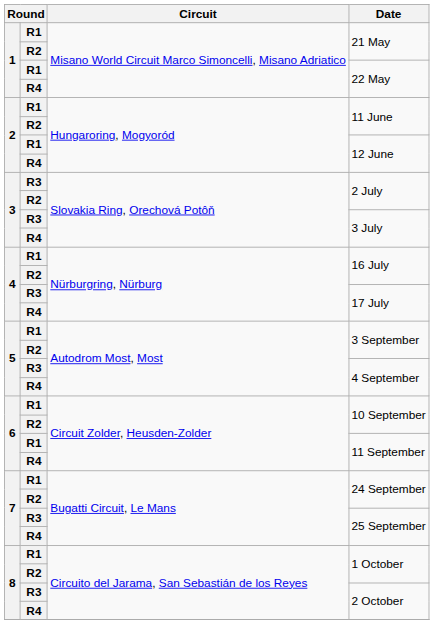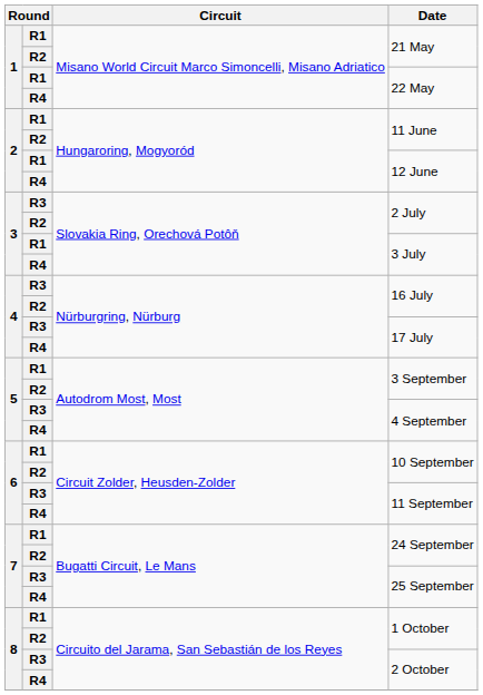 <table class="wikitable" style="font-size: 85%">
 <tr>
 <th colspan=2>Round</th>
 <th>Circuit</th>
 <th>Date</th>
 </tr>
 <tr>
 <th rowspan=4>1</th>
 <th>R1</th>
 <td rowspan=4> <a href='#'>Misano World Circuit Marco Simoncelli</a>, <a href='#'>Misano Adriatico</a></td>
 <td rowspan=2>21 May</td>
 </tr>
 <tr>
 <th>R2</th>
 </tr>
 <tr>
 <th>R1</th>
 <td rowspan=2>22 May</td>
 </tr>
 <tr>
 <th>R4</th>
 </tr>
 <tr>
 <th rowspan=4>2</th>
 <th>R1</th>
 <td rowspan=4> <a href='#'>Hungaroring</a>, <a href='#'>Mogyoród</a></td>
 <td rowspan=2>11 June</td>
 </tr>
 <tr>
 <th>R2</th>
 </tr>
 <tr>
 <th>R1</th>
 <td rowspan=2>12 June</td>
 </tr>
 <tr>
 <th>R4</th>
 </tr>
 <tr>
 <th rowspan=4>3</th>
 <th>R3</th>
 <td rowspan=4> <a href='#'>Slovakia Ring</a>, <a href='#'>Orechová Potôň</a></td>
 <td rowspan=2>2 July</td>
 </tr>
 <tr>
 <th>R2</th>
 </tr>
 <tr>
-<th>R3</th>
+<th>R1</th>
 <td rowspan=2>3 July</td>
 </tr>
 <tr>
 <th>R4</th>
 </tr>
 <tr>
 <th rowspan=4>4</th>
-<th>R1</th>
+<th>R3</th>
 <td rowspan=4> <a href='#'>Nürburgring</a>, <a href='#'>Nürburg</a></td>
 <td rowspan=2>16 July</td>
 </tr>
 <tr>
 <th>R2</th>
 </tr>
 <tr>
 <th>R3</th>
 <td rowspan=2>17 July</td>
 </tr>
 <tr>
 <th>R4</th>
 </tr>
 <tr>
 <th rowspan=4>5</th>
 <th>R1</th>
 <td rowspan=4> <a href='#'>Autodrom Most</a>, <a href='#'>Most</a></td>
 <td rowspan=2>3 September</td>
 </tr>
 <tr>
 <th>R2</th>
 </tr>
 <tr>
 <th>R3</th>
 <td rowspan=2>4 September</td>
 </tr>
 <tr>
 <th>R4</th>
 </tr>
 <tr>
 <th rowspan=4>6</th>
 <th>R1</th>
 <td rowspan=4> <a href='#'>Circuit Zolder</a>, <a href='#'>Heusden-Zolder</a></td>
 <td rowspan=2>10 September</td>
 </tr>
 <tr>
 <th>R2</th>
 </tr>
 <tr>
-<th>R1</th>
+<th>R3</th>
 <td rowspan=2>11 September</td>
 </tr>
 <tr>
 <th>R4</th>
 </tr>
 <tr>
 <th rowspan=4>7</th>
 <th>R1</th>
 <td rowspan=4> <a href='#'>Bugatti Circuit</a>, <a href='#'>Le Mans</a></td>
 <td rowspan=2>24 September</td>
 </tr>
 <tr>
 <th>R2</th>
 </tr>
 <tr>
 <th>R3</th>
 <td rowspan=2>25 September</td>
 </tr>
 <tr>
 <th>R4</th>
 </tr>
 <tr>
 <th rowspan=4>8</th>
 <th>R1</th>
 <td rowspan=4> <a href='#'>Circuito del Jarama</a>, <a href='#'>San Sebastián de los Reyes</a></td>
 <td rowspan=2>1 October</td>
 </tr>
 <tr>
 <th>R2</th>
 </tr>
 <tr>
 <th>R3</th>
 <td rowspan=2>2 October</td>
 </tr>
 <tr>
 <th>R4</th>
 </tr>
 <tr>
 </tr>
 </table>
